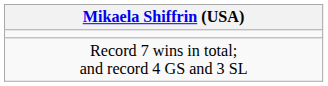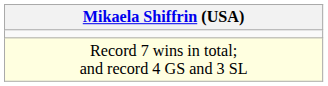 <table class="wikitable" style="text-align:center; width:25%; border:1px #AAAAFF solid">
 <tr>
 <th><a href='#'>Mikaela Shiffrin</a> (USA)</th>
 </tr>
 <tr>
 <td width=200></td>
 </tr>
 <tr>
-<td>Record 7 wins in total;<br>and record 4 GS and 3 SL</td>
+<td style="background: lightyellow;">Record 7 wins in total;<br>and record 4 GS and 3 SL</td>
 </tr>
 </table>
